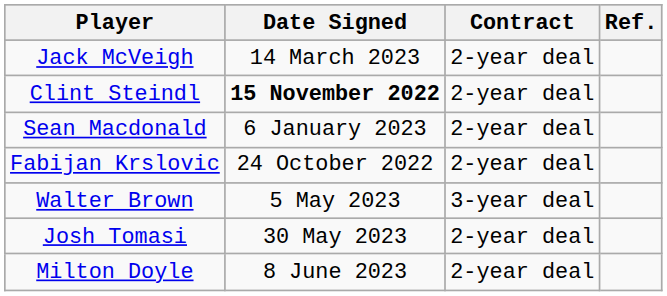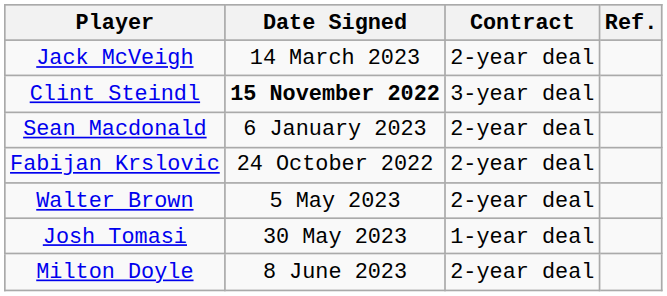 <table class="wikitable sortable sortable" style="text-align: center">
 <tr>
 <th>Player</th>
 <th>Date Signed</th>
 <th>Contract</th>
 <th>Ref.</th>
 </tr>
 <tr>
 <td><a href='#'>Jack McVeigh</a></td>
 <td>14 March 2023</td>
 <td>2-year deal</td>
 <td></td>
 </tr>
 <tr>
 <td><a href='#'>Clint Steindl</a></td>
 <td><strong>15 November 2022</strong></td>
-<td>2-year deal</td>
+<td>3-year deal</td>
 <td></td>
 </tr>
 <tr>
 <td><a href='#'>Sean Macdonald</a></td>
 <td>6 January 2023</td>
 <td>2-year deal</td>
 <td></td>
 </tr>
 <tr>
 <td><a href='#'>Fabijan Krslovic</a></td>
 <td>24 October 2022</td>
 <td>2-year deal</td>
 <td></td>
 </tr>
 <tr>
 <td><a href='#'>Walter Brown</a></td>
 <td>5 May 2023</td>
-<td>3-year deal</td>
+<td>2-year deal</td>
 <td></td>
 </tr>
 <tr>
 <td><a href='#'>Josh Tomasi</a></td>
 <td>30 May 2023</td>
-<td>2-year deal</td>
+<td>1-year deal</td>
 <td></td>
 </tr>
 <tr>
 <td><a href='#'>Milton Doyle</a></td>
 <td>8 June 2023</td>
 <td>2-year deal</td>
 <td></td>
 </tr>
 </table>
